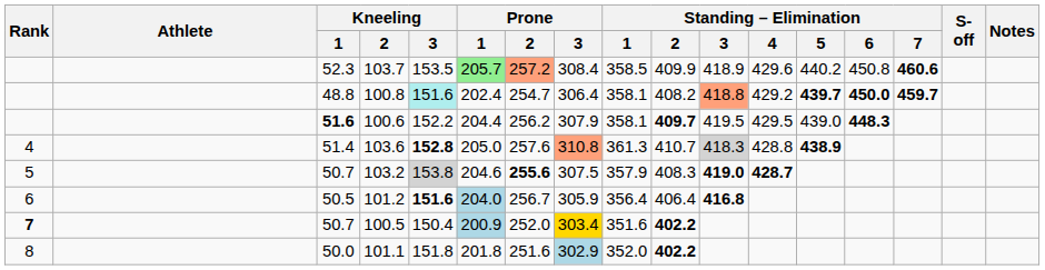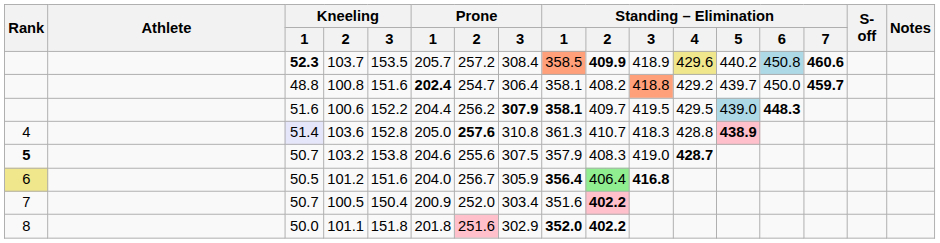 <table class="wikitable" style="text-align:center">
 <tr>
 <th rowspan=2 width=40>Rank</th>
 <th rowspan=2 width=250>Athlete</th>
 <th colspan=3>Kneeling</th>
 <th colspan=3>Prone</th>
 <th colspan=7>Standing – Elimination</th>
 <th rowspan=2 width=35>S-off</th>
 <th rowspan=2 width=45>Notes</th>
 </tr>
 <tr>
 <th width=35>1</th>
 <th width=35>2</th>
 <th width=35>3</th>
 <th width=35>1</th>
 <th width=35>2</th>
 <th width=35>3</th>
 <th width=35>1</th>
 <th width=35>2</th>
 <th width=35>3</th>
 <th width=35>4</th>
 <th width=35>5</th>
 <th width=35>6</th>
 <th width=35>7</th>
 </tr>
 <tr>
 <td></td>
 <td align=left></td>
-<td>52.3</td>
+<td><strong>52.3</strong></td>
 <td>103.7</td>
 <td>153.5</td>
-<td style="background: lightgreen;">205.7</td>
-<td style="background: lightsalmon;">257.2</td>
+<td>205.7</td>
+<td>257.2</td>
 <td>308.4</td>
-<td>358.5</td>
-<td>409.9</td>
+<td style="background: lightsalmon;">358.5</td>
+<td><strong>409.9</strong></td>
 <td>418.9</td>
-<td>429.6</td>
+<td style="background: khaki;">429.6</td>
 <td>440.2</td>
-<td>450.8</td>
+<td style="background: lightblue;">450.8</td>
 <td><strong>460.6</strong></td>
 <td></td>
 <td></td>
 </tr>
 <tr>
 <td></td>
 <td align=left></td>
 <td>48.8</td>
 <td>100.8</td>
-<td style="background: paleturquoise;">151.6</td>
-<td>202.4</td>
+<td>151.6</td>
+<td><strong>202.4</strong></td>
 <td>254.7</td>
 <td>306.4</td>
 <td>358.1</td>
 <td>408.2</td>
 <td style="background: lightsalmon;">418.8</td>
 <td>429.2</td>
-<td><strong>439.7</strong></td>
-<td><strong>450.0</strong></td>
+<td>439.7</td>
+<td>450.0</td>
 <td><strong>459.7</strong></td>
 <td></td>
 <td></td>
 </tr>
 <tr>
 <td></td>
 <td align=left></td>
-<td><strong>51.6</strong></td>
+<td>51.6</td>
 <td>100.6</td>
 <td>152.2</td>
 <td>204.4</td>
 <td>256.2</td>
-<td>307.9</td>
-<td>358.1</td>
-<td><strong>409.7</strong></td>
+<td><strong>307.9</strong></td>
+<td><strong>358.1</strong></td>
+<td>409.7</td>
 <td>419.5</td>
 <td>429.5</td>
-<td>439.0</td>
+<td style="background: lightblue;">439.0</td>
 <td><strong>448.3</strong></td>
 <td></td>
 <td></td>
 <td></td>
 </tr>
 <tr>
 <td>4</td>
 <td align=left></td>
-<td>51.4</td>
+<td style="background: lavender;">51.4</td>
 <td>103.6</td>
-<td><strong>152.8</strong></td>
+<td>152.8</td>
 <td>205.0</td>
-<td>257.6</td>
-<td style="background: lightsalmon;">310.8</td>
+<td><strong>257.6</strong></td>
+<td>310.8</td>
 <td>361.3</td>
 <td>410.7</td>
-<td style="background: lightgrey;">418.3</td>
+<td>418.3</td>
 <td>428.8</td>
-<td><strong>438.9</strong></td>
+<td style="background: pink;"><strong>438.9</strong></td>
 <td></td>
 <td></td>
 <td></td>
 <td></td>
 </tr>
 <tr>
-<td>5</td>
+<td><strong>5</strong></td>
 <td align=left></td>
 <td>50.7</td>
 <td>103.2</td>
-<td style="background: lightgrey;">153.8</td>
+<td>153.8</td>
 <td>204.6</td>
-<td><strong>255.6</strong></td>
+<td>255.6</td>
 <td>307.5</td>
 <td>357.9</td>
 <td>408.3</td>
-<td><strong>419.0</strong></td>
+<td>419.0</td>
 <td><strong>428.7</strong></td>
 <td></td>
 <td></td>
 <td></td>
 <td></td>
 <td></td>
 </tr>
 <tr>
-<td>6</td>
+<td style="background: khaki;">6</td>
 <td align=left></td>
 <td>50.5</td>
 <td>101.2</td>
-<td><strong>151.6</strong></td>
-<td style="background: lightblue;">204.0</td>
+<td>151.6</td>
+<td>204.0</td>
 <td>256.7</td>
 <td>305.9</td>
-<td>356.4</td>
-<td>406.4</td>
+<td><strong>356.4</strong></td>
+<td style="background: lightgreen;">406.4</td>
 <td><strong>416.8</strong></td>
 <td></td>
 <td></td>
 <td></td>
 <td></td>
 <td></td>
 <td></td>
 </tr>
 <tr>
-<td><strong>7</strong></td>
+<td>7</td>
 <td align=left></td>
 <td>50.7</td>
 <td>100.5</td>
 <td>150.4</td>
-<td style="background: lightblue;">200.9</td>
+<td>200.9</td>
 <td>252.0</td>
-<td style="background: gold;">303.4</td>
+<td>303.4</td>
 <td>351.6</td>
-<td><strong>402.2</strong></td>
+<td style="background: pink;"><strong>402.2</strong></td>
 <td></td>
 <td></td>
 <td></td>
 <td></td>
 <td></td>
 <td></td>
 <td></td>
 </tr>
 <tr>
 <td>8</td>
 <td align=left></td>
 <td>50.0</td>
 <td>101.1</td>
 <td>151.8</td>
 <td>201.8</td>
-<td>251.6</td>
-<td style="background: lightblue;">302.9</td>
-<td>352.0</td>
+<td style="background: pink;">251.6</td>
+<td>302.9</td>
+<td><strong>352.0</strong></td>
 <td><strong>402.2</strong></td>
 <td></td>
 <td></td>
 <td></td>
 <td></td>
 <td></td>
 <td></td>
 <td></td>
 </tr>
 </table>
